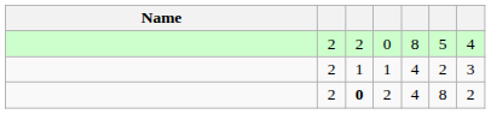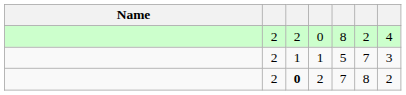 <table class=wikitable style="text-align:center">
 <tr>
 <th width=300>Name</th>
 <th width=20></th>
 <th width=20></th>
 <th width=20></th>
 <th width=20></th>
 <th width=20></th>
 <th width=20></th>
 </tr>
 <tr style="background-color:#ccffcc;">
 <td style="text-align:left;"></td>
 <td>2</td>
 <td>2</td>
 <td>0</td>
 <td>8</td>
-<td>5</td>
+<td>2</td>
 <td>4</td>
 </tr>
 <tr>
 <td style="text-align:left;"></td>
 <td>2</td>
 <td>1</td>
 <td>1</td>
-<td>4</td>
-<td>2</td>
+<td>5</td>
+<td>7</td>
 <td>3</td>
 </tr>
 <tr>
 <td style="text-align:left;"></td>
 <td>2</td>
 <td><strong>0</strong></td>
 <td>2</td>
-<td>4</td>
+<td>7</td>
 <td>8</td>
 <td>2</td>
 </tr>
 </table>
